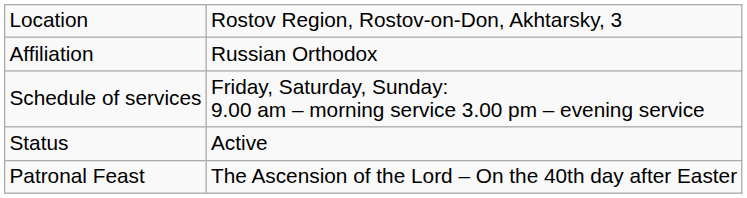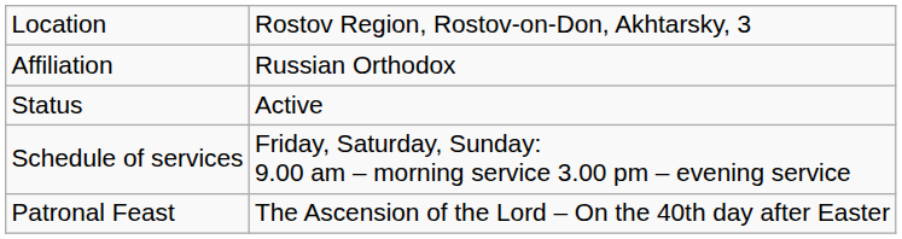 <table class="wikitable">
 <tr>
 <td>Location</td>
 <td>Rostov Region, Rostov-on-Don, Akhtarsky, 3</td>
 </tr>
 <tr>
 <td>Affiliation</td>
 <td>Russian Orthodox</td>
 </tr>
 <tr>
+<td>Status</td>
+<td>Active</td>
+</tr>
+<tr>
 <td>Schedule of services</td>
 <td>Friday, Saturday, Sunday:<br>9.00 am – morning service 3.00 pm – evening service</td>
-</tr>
-<tr>
-<td>Status</td>
-<td>Active</td>
 </tr>
 <tr>
 <td>Patronal Feast</td>
 <td>The Ascension of the Lord – On the 40th day after Easter</td>
 </tr>
 </table>
